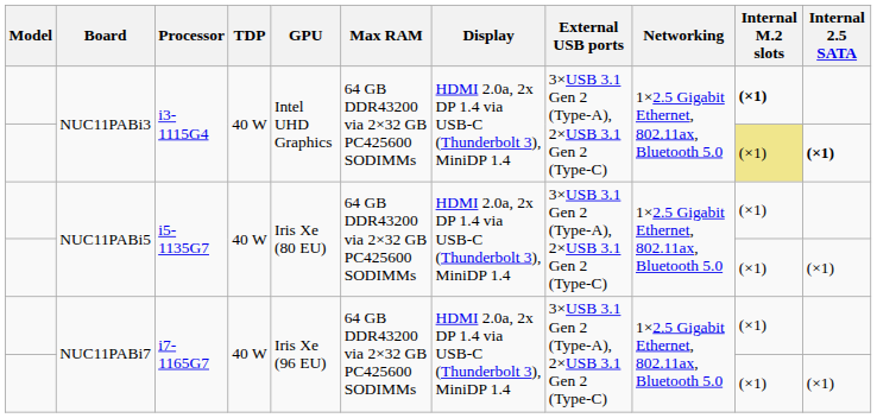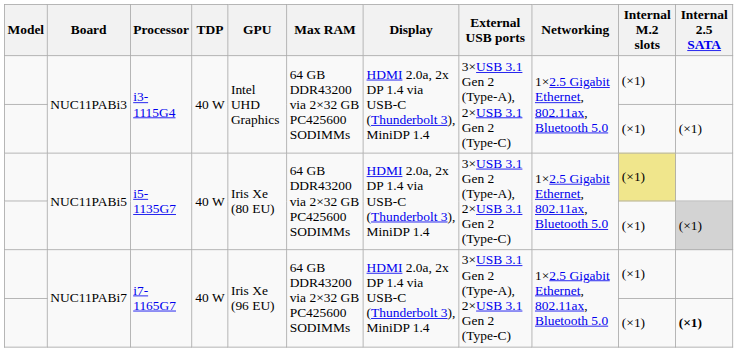 <table class="wikitable">
 <tr>
 <th>Model</th>
 <th>Board</th>
 <th>Processor</th>
 <th>TDP</th>
 <th>GPU</th>
 <th>Max RAM</th>
 <th>Display</th>
 <th>External USB ports</th>
 <th>Networking</th>
 <th>Internal M.2 slots</th>
 <th>Internal 2.5 <a href='#'>SATA</a></th>
 </tr>
 <tr>
 <td></td>
 <td rowspan="2">NUC11PABi3</td>
 <td rowspan="2"><a href='#'>i3-1115G4</a></td>
 <td rowspan="2">40 W</td>
 <td rowspan="2">Intel UHD Graphics</td>
 <td rowspan="2">64 GB DDR43200<br>via 2×32 GB PC425600 SODIMMs</td>
 <td rowspan="2"><a href='#'>HDMI</a> 2.0a, 2x DP 1.4 via USB-C (<a href='#'>Thunderbolt 3</a>), MiniDP 1.4</td>
 <td rowspan="2">3×<a href='#'>USB 3.1</a> Gen 2 (Type-A), 2×<a href='#'>USB 3.1</a> Gen 2 (Type-C)</td>
 <td rowspan="2">1×<a href='#'>2.5 Gigabit Ethernet</a>, <a href='#'>802.11ax</a>, <a href='#'>Bluetooth 5.0</a></td>
-<td><strong> (×1)</strong></td>
+<td> (×1)</td>
 <td></td>
 </tr>
 <tr>
 <td></td>
-<td style="background: khaki;"> (×1)</td>
-<td><strong> (×1)</strong></td>
+<td> (×1)</td>
+<td> (×1)</td>
 </tr>
 <tr>
 <td></td>
 <td rowspan="2">NUC11PABi5</td>
 <td rowspan="2"><a href='#'>i5-1135G7</a></td>
 <td rowspan="2">40 W</td>
 <td rowspan="2">Iris Xe (80 EU)</td>
 <td rowspan="2">64 GB DDR43200<br>via 2×32 GB PC425600 SODIMMs</td>
 <td rowspan="2"><a href='#'>HDMI</a> 2.0a, 2x DP 1.4 via USB-C (<a href='#'>Thunderbolt 3</a>), MiniDP 1.4</td>
 <td rowspan="2">3×<a href='#'>USB 3.1</a> Gen 2 (Type-A), 2×<a href='#'>USB 3.1</a> Gen 2 (Type-C)</td>
 <td rowspan="2">1×<a href='#'>2.5 Gigabit Ethernet</a>, <a href='#'>802.11ax</a>, <a href='#'>Bluetooth 5.0</a></td>
-<td> (×1)</td>
+<td style="background: khaki;"> (×1)</td>
 <td></td>
 </tr>
 <tr>
 <td></td>
 <td> (×1)</td>
-<td> (×1)</td>
+<td style="background: lightgrey;"> (×1)</td>
 </tr>
 <tr>
 <td></td>
 <td rowspan="2">NUC11PABi7</td>
 <td rowspan="2"><a href='#'>i7-1165G7</a></td>
 <td rowspan="2">40 W</td>
 <td rowspan="2">Iris Xe (96 EU)</td>
 <td rowspan="2">64 GB DDR43200<br>via 2×32 GB PC425600 SODIMMs</td>
 <td rowspan="2"><a href='#'>HDMI</a> 2.0a, 2x DP 1.4 via USB-C (<a href='#'>Thunderbolt 3</a>), MiniDP 1.4</td>
 <td rowspan="2">3×<a href='#'>USB 3.1</a> Gen 2 (Type-A), 2×<a href='#'>USB 3.1</a> Gen 2 (Type-C)</td>
 <td rowspan="2">1×<a href='#'>2.5 Gigabit Ethernet</a>, <a href='#'>802.11ax</a>, <a href='#'>Bluetooth 5.0</a></td>
 <td> (×1)</td>
 <td></td>
 </tr>
 <tr>
 <td></td>
 <td> (×1)</td>
-<td> (×1)</td>
+<td><strong> (×1)</strong></td>
 </tr>
 </table>
